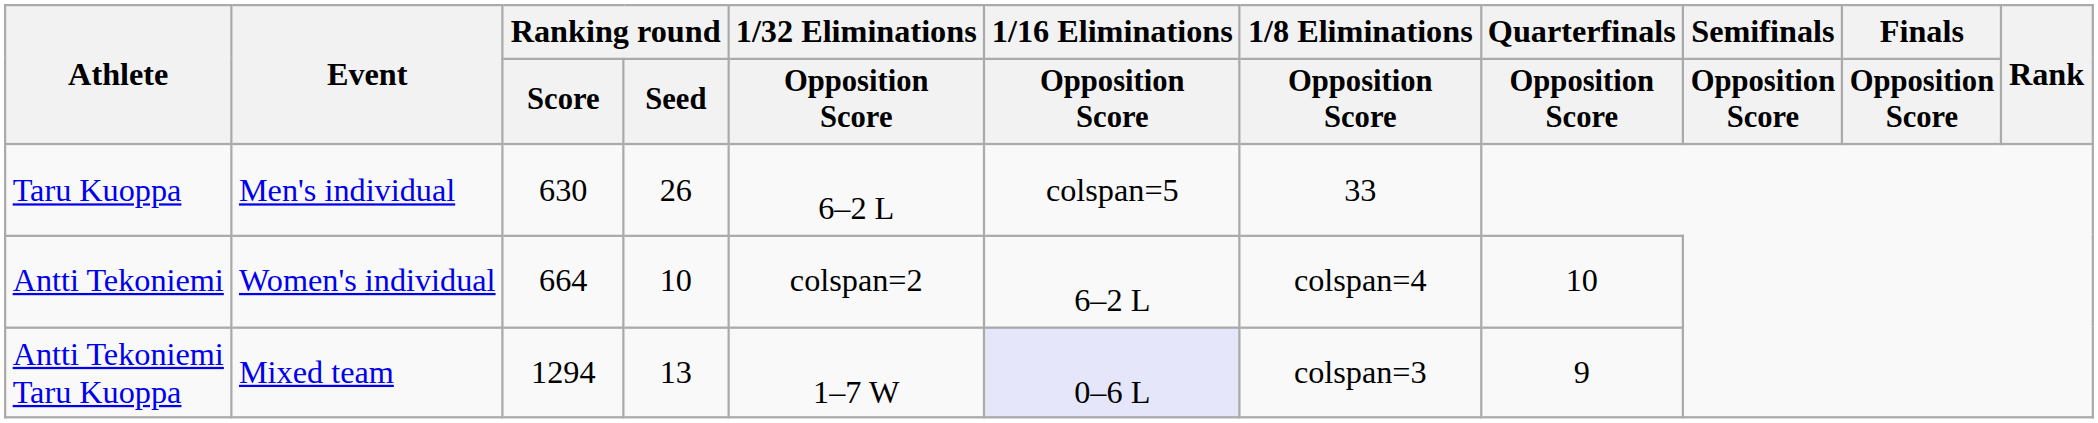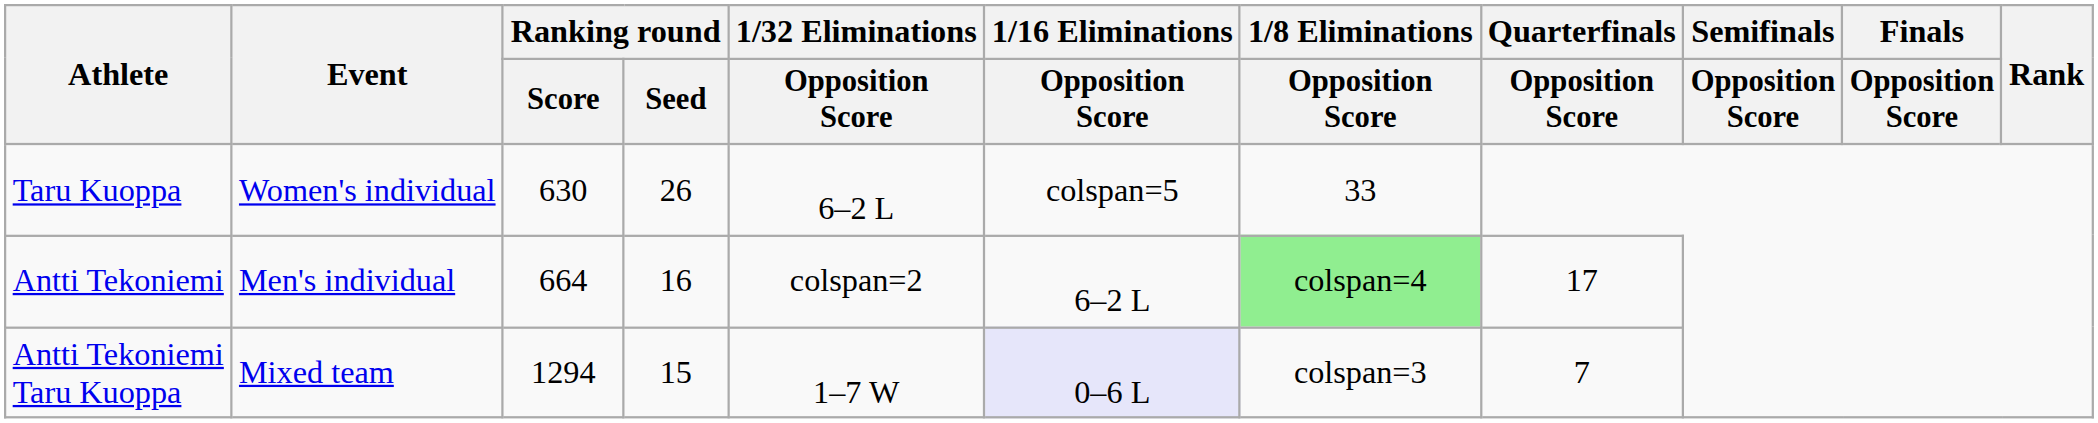 <table class="wikitable" style="font-size:90%">
 <tr>
 <th rowspan="2">Athlete</th>
 <th rowspan="2">Event</th>
 <th colspan="2">Ranking round</th>
 <th>1/32 Eliminations</th>
 <th>1/16 Eliminations</th>
 <th>1/8 Eliminations</th>
 <th>Quarterfinals</th>
 <th>Semifinals</th>
 <th>Finals</th>
 <th rowspan="2">Rank</th>
 </tr>
 <tr style="font-size:95%">
 <th>Score</th>
 <th>Seed</th>
 <th>Opposition<br>Score</th>
 <th>Opposition<br>Score</th>
 <th>Opposition<br>Score</th>
 <th>Opposition<br>Score</th>
 <th>Opposition<br>Score</th>
 <th>Opposition<br>Score</th>
 </tr>
 <tr align=center>
 <td align=left><a href='#'>Taru Kuoppa</a></td>
-<td align=left><a href='#'>Men's individual</a></td>
+<td align=left><a href='#'>Women's individual</a></td>
 <td>630</td>
 <td>26</td>
 <td><br>6–2 L</td>
 <td>colspan=5 </td>
 <td>33</td>
 </tr>
 <tr align=center>
 <td align=left><a href='#'>Antti Tekoniemi</a></td>
-<td align=left><a href='#'>Women's individual</a></td>
+<td align=left><a href='#'>Men's individual</a></td>
 <td>664</td>
-<td>10</td>
+<td>16</td>
 <td>colspan=2 </td>
 <td><br>6–2 L</td>
-<td>colspan=4 </td>
-<td>10</td>
+<td style="background: lightgreen;">colspan=4 </td>
+<td>17</td>
 </tr>
 <tr align=center>
 <td align=left><a href='#'>Antti Tekoniemi</a><br><a href='#'>Taru Kuoppa</a></td>
 <td align=left><a href='#'>Mixed team</a></td>
 <td>1294</td>
-<td>13</td>
+<td>15</td>
 <td><br>1–7 W</td>
 <td style="background: lavender;"><br>0–6 L</td>
 <td>colspan=3 </td>
-<td>9</td>
+<td>7</td>
 </tr>
 </table>
